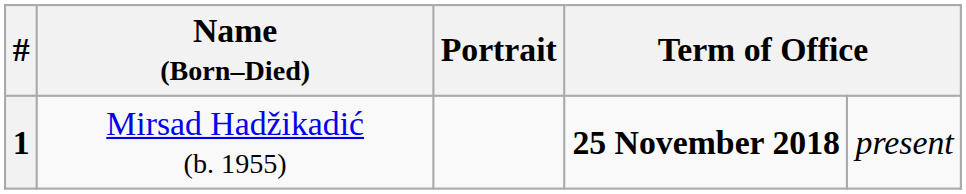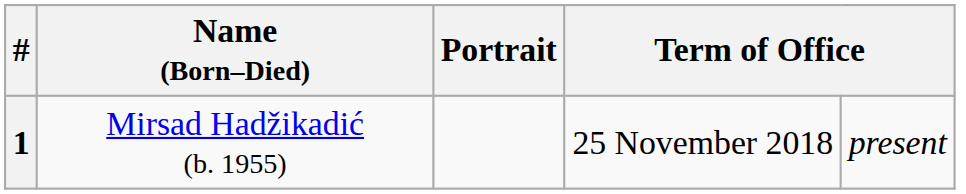 <table class="wikitable" style="text-align:center">
 <tr ->
 <th>#</th>
 <th width=180>Name<br><small>(Born–Died)</small></th>
 <th>Portrait</th>
 <th colspan=2>Term of Office</th>
 </tr>
 <tr ->
 <th align=center style="background: ">1</th>
 <td><a href='#'>Mirsad Hadžikadić</a><br><small>(b. 1955)</small></td>
 <td></td>
-<td><strong>25 November 2018</strong></td>
+<td>25 November 2018</td>
 <td><em>present</em></td>
 </tr>
 </table>
